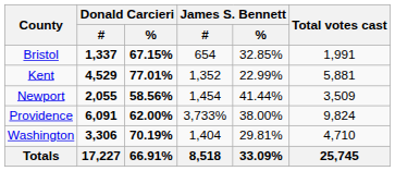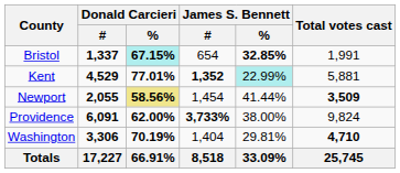 <table class="wikitable sortable">
 <tr>
 <th rowspan="2">County</th>
 <th colspan="2">Donald Carcieri</th>
 <th colspan="2">James S. Bennett</th>
 <th rowspan="2">Total votes cast</th>
 </tr>
 <tr>
 <th data-sort-type="number" style="text-align:center;">#</th>
 <th data-sort-type="number" style="text-align:center;">%</th>
 <th data-sort-type="number" style="text-align:center;">#</th>
 <th data-sort-type="number" style="text-align:center;">%</th>
 </tr>
 <tr style="text-align:center;">
 <td><a href='#'>Bristol</a></td>
 <td><strong>1,337</strong></td>
-<td><strong>67.15%</strong></td>
+<td style="background: paleturquoise;"><strong>67.15%</strong></td>
 <td>654</td>
-<td>32.85%</td>
+<td><strong>32.85%</strong></td>
 <td>1,991</td>
 </tr>
 <tr style="text-align:center;">
 <td><a href='#'>Kent</a></td>
 <td><strong>4,529</strong></td>
 <td><strong>77.01%</strong></td>
-<td>1,352</td>
-<td>22.99%</td>
+<td><strong>1,352</strong></td>
+<td style="background: paleturquoise;">22.99%</td>
 <td>5,881</td>
 </tr>
 <tr style="text-align:center;">
 <td><a href='#'>Newport</a></td>
 <td><strong>2,055</strong></td>
-<td><strong>58.56%</strong></td>
+<td style="background: khaki;"><strong>58.56%</strong></td>
 <td>1,454</td>
 <td>41.44%</td>
-<td>3,509</td>
+<td><strong>3,509</strong></td>
 </tr>
 <tr style="text-align:center;">
 <td><a href='#'>Providence</a></td>
 <td><strong>6,091</strong></td>
 <td><strong>62.00%</strong></td>
-<td>3,733%</td>
+<td><strong>3,733%</strong></td>
 <td>38.00%</td>
 <td>9,824</td>
 </tr>
 <tr style="text-align:center;">
 <td><a href='#'>Washington</a></td>
 <td><strong>3,306</strong></td>
 <td><strong>70.19%</strong></td>
 <td>1,404</td>
 <td>29.81%</td>
-<td>4,710</td>
+<td><strong>4,710</strong></td>
 </tr>
 <tr style="text-align:center;">
 <th>Totals</th>
 <th>17,227</th>
 <th>66.91%</th>
 <th>8,518</th>
 <th>33.09%</th>
 <th>25,745</th>
 </tr>
 </table>
